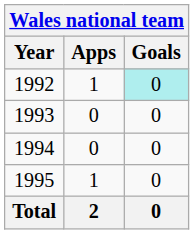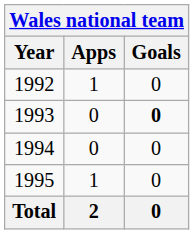 <table class="wikitable" style="text-align:center">
 <tr>
 <th colspan=3><a href='#'>Wales national team</a></th>
 </tr>
 <tr>
 <th>Year</th>
 <th>Apps</th>
 <th>Goals</th>
 </tr>
 <tr>
 <td>1992</td>
 <td>1</td>
-<td style="background: paleturquoise;">0</td>
+<td>0</td>
 </tr>
 <tr>
 <td>1993</td>
 <td>0</td>
-<td>0</td>
+<td><strong>0</strong></td>
 </tr>
 <tr>
 <td>1994</td>
 <td>0</td>
 <td>0</td>
 </tr>
 <tr>
 <td>1995</td>
 <td>1</td>
 <td>0</td>
 </tr>
 <tr>
 <th>Total</th>
 <th>2</th>
 <th>0</th>
 </tr>
 </table>
